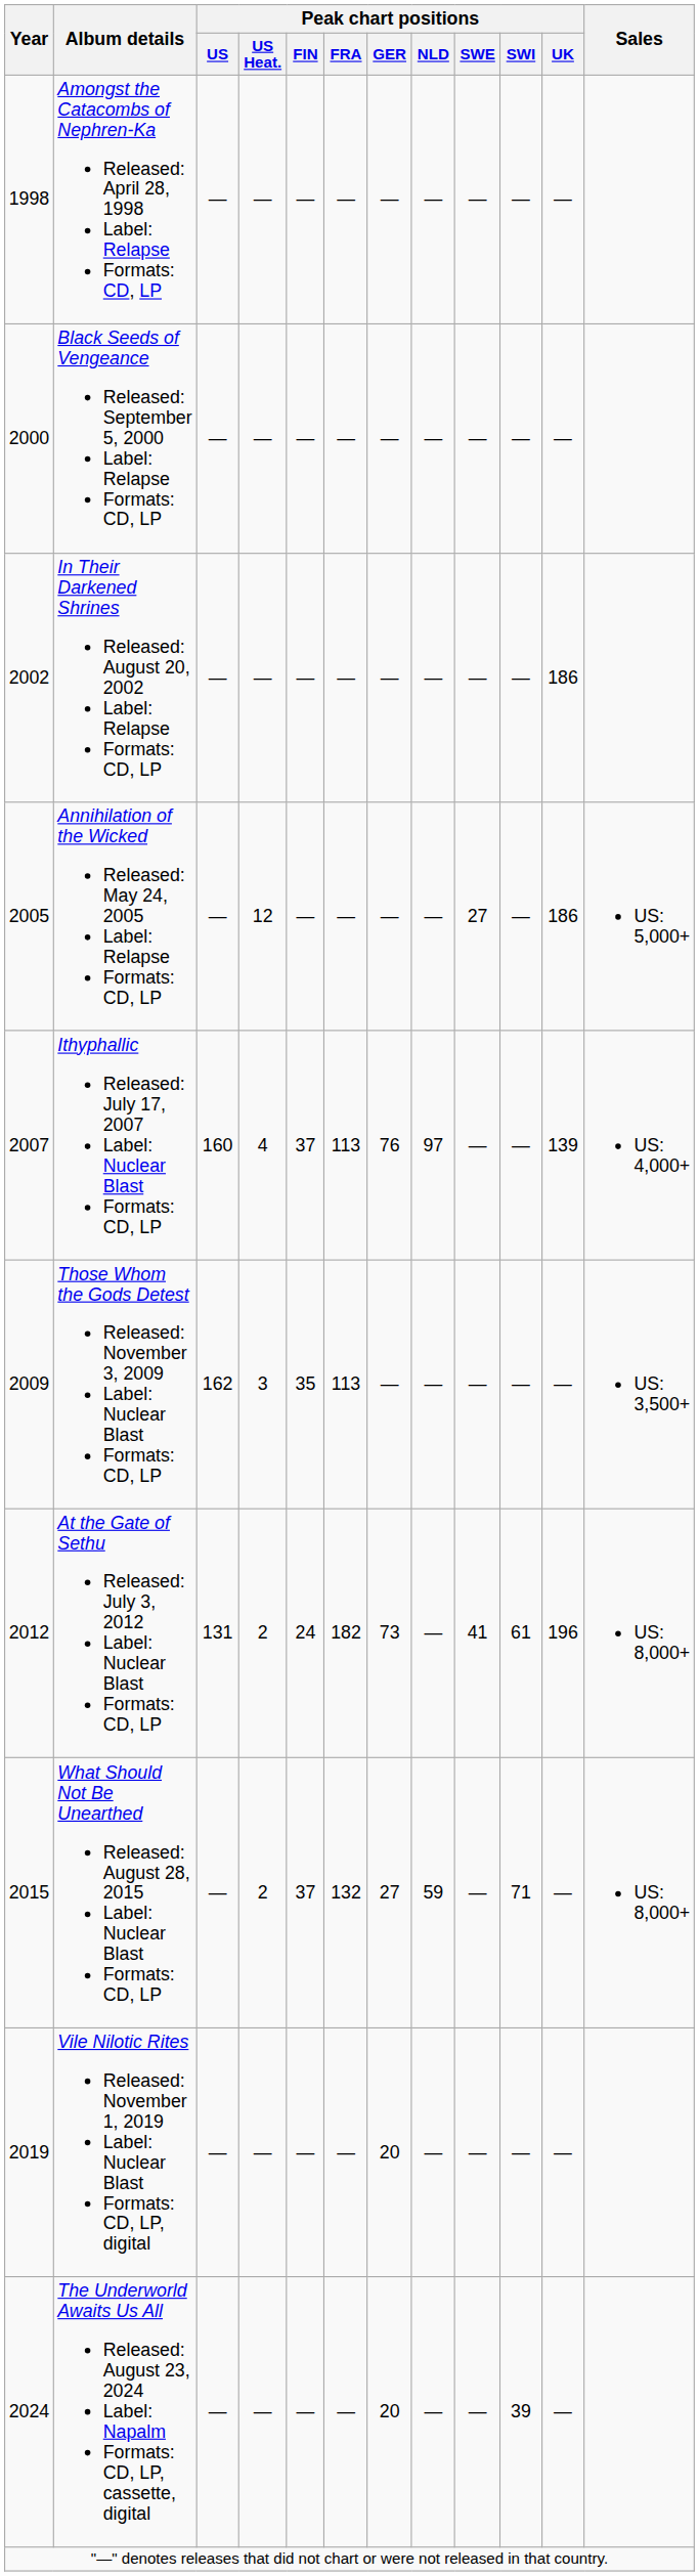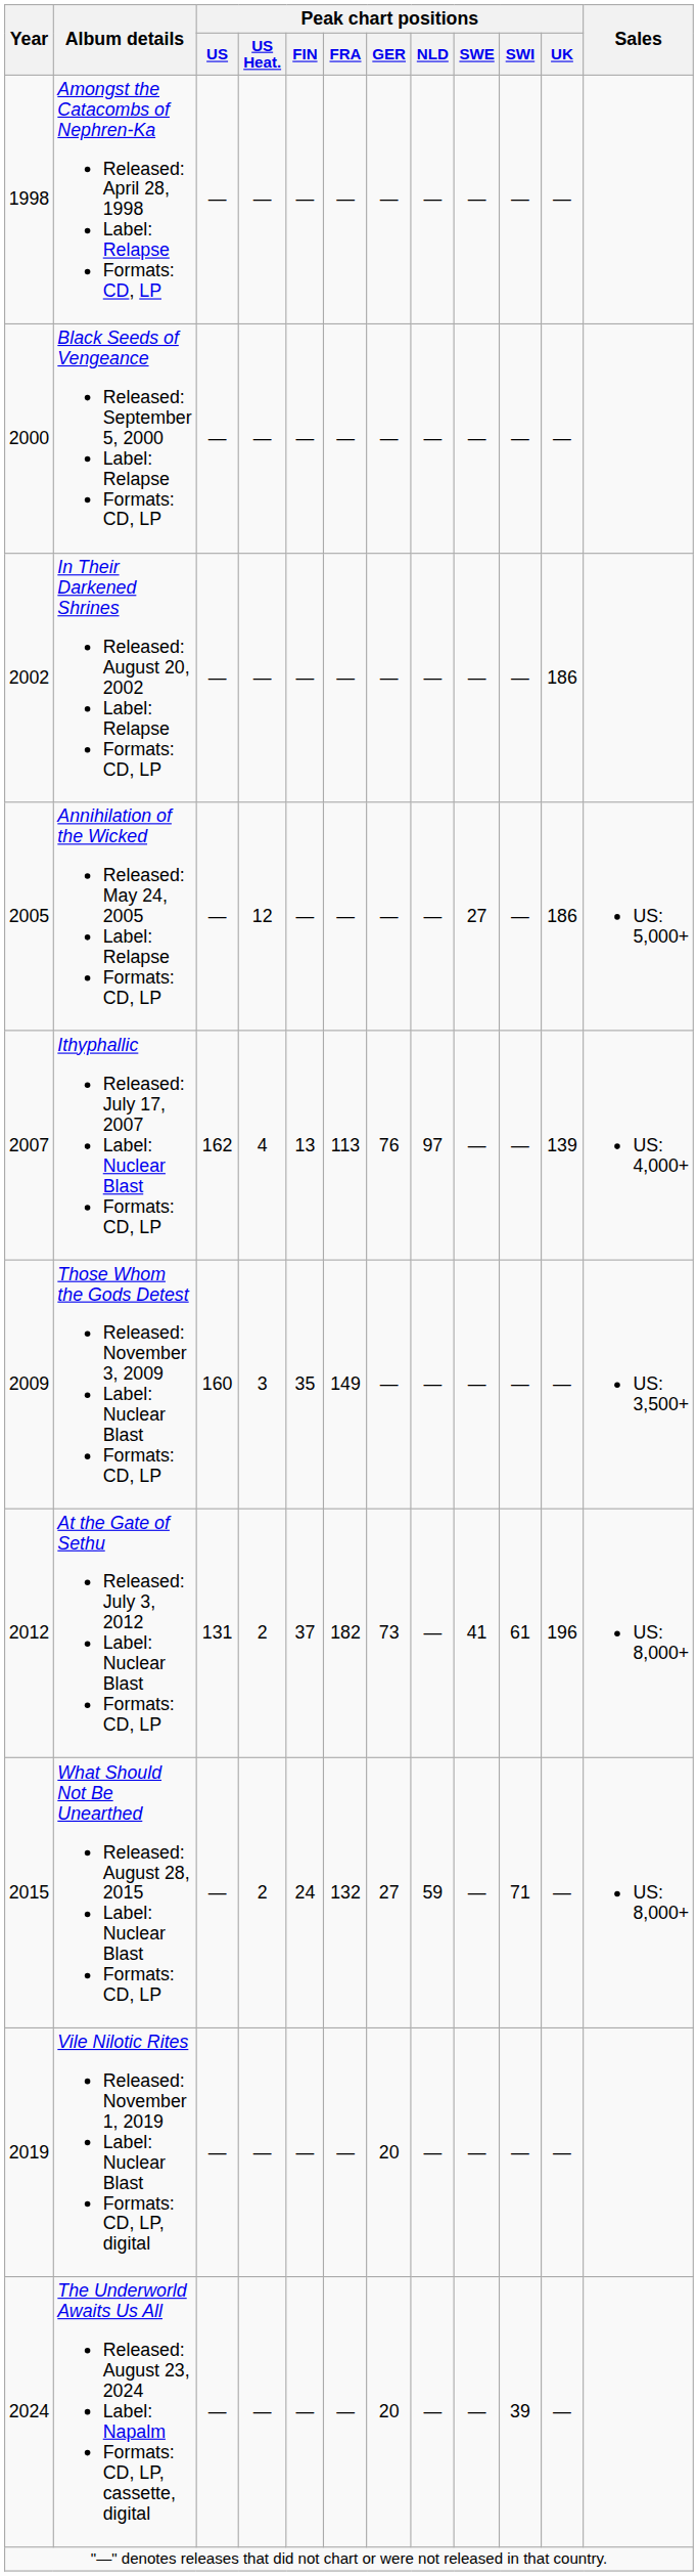 <table class ="wikitable">
 <tr>
 <th scope="col" rowspan="2">Year</th>
 <th scope="col" rowspan="2">Album details</th>
 <th scope="col" colspan="9">Peak chart positions</th>
 <th scope="col" rowspan="2">Sales</th>
 </tr>
 <tr>
 <th scope="col" style="width:3em;font-size:85%"><a href='#'>US</a><br></th>
 <th scope="col" style="width:3em;font-size:85%"><a href='#'>US<br>Heat.</a><br></th>
 <th scope="col" style="width:3em;font-size:85%"><a href='#'>FIN</a><br></th>
 <th scope="col" style="width:3em;font-size:85%"><a href='#'>FRA</a><br></th>
 <th scope="col" style="width:3em;font-size:85%"><a href='#'>GER</a><br></th>
 <th scope="col" style="width:3em;font-size:85%"><a href='#'>NLD</a><br></th>
 <th scope="col" style="width:3em;font-size:85%"><a href='#'>SWE</a><br></th>
 <th scope="col" style="width:3em;font-size:85%"><a href='#'>SWI</a><br></th>
 <th scope="col" style="width:3em;font-size:85%"><a href='#'>UK</a><br></th>
 </tr>
 <tr>
 <td>1998</td>
 <td><em><a href='#'>Amongst the Catacombs of Nephren-Ka</a></em><br><ul><li>Released: April 28, 1998</li><li>Label: <a href='#'>Relapse</a></li><li>Formats: <a href='#'>CD</a>, <a href='#'>LP</a></li></ul></td>
 <td align="center">—</td>
 <td align="center">—</td>
 <td align="center">—</td>
 <td align="center">—</td>
 <td align="center">—</td>
 <td align="center">—</td>
 <td align="center">—</td>
 <td align="center">—</td>
 <td align="center">—</td>
 <td></td>
 </tr>
 <tr>
 <td>2000</td>
 <td><em><a href='#'>Black Seeds of Vengeance</a></em><br><ul><li>Released: September 5, 2000</li><li>Label: Relapse</li><li>Formats: CD, LP</li></ul></td>
 <td align="center">—</td>
 <td align="center">—</td>
 <td align="center">—</td>
 <td align="center">—</td>
 <td align="center">—</td>
 <td align="center">—</td>
 <td align="center">—</td>
 <td align="center">—</td>
 <td align="center">—</td>
 <td></td>
 </tr>
 <tr>
 <td>2002</td>
 <td><em><a href='#'>In Their Darkened Shrines</a></em><br><ul><li>Released: August 20, 2002</li><li>Label: Relapse</li><li>Formats: CD, LP</li></ul></td>
 <td align="center">—</td>
 <td align="center">—</td>
 <td align="center">—</td>
 <td align="center">—</td>
 <td align="center">—</td>
 <td align="center">—</td>
 <td align="center">—</td>
 <td align="center">—</td>
 <td align="center">186</td>
 <td></td>
 </tr>
 <tr>
 <td>2005</td>
 <td><em><a href='#'>Annihilation of the Wicked</a></em><br><ul><li>Released: May 24, 2005</li><li>Label: Relapse</li><li>Formats: CD, LP</li></ul></td>
 <td align="center">—</td>
 <td align="center">12</td>
 <td align="center">—</td>
 <td align="center">—</td>
 <td align="center">—</td>
 <td align="center">—</td>
 <td align="center">27</td>
 <td align="center">—</td>
 <td align="center">186</td>
 <td><br><ul><li>US: 5,000+</li></ul></td>
 </tr>
 <tr>
 <td>2007</td>
 <td><em><a href='#'>Ithyphallic</a></em><br><ul><li>Released: July 17, 2007</li><li>Label: <a href='#'>Nuclear Blast</a></li><li>Formats: CD, LP</li></ul></td>
-<td align="center">160</td>
+<td align="center">162</td>
 <td align="center">4</td>
-<td align="center">37</td>
+<td align="center">13</td>
 <td align="center">113</td>
 <td align="center">76</td>
 <td align="center">97</td>
 <td align="center">—</td>
 <td align="center">—</td>
 <td align="center">139</td>
 <td><br><ul><li>US: 4,000+</li></ul></td>
 </tr>
 <tr>
 <td>2009</td>
 <td><em><a href='#'>Those Whom the Gods Detest</a></em><br><ul><li>Released: November 3, 2009</li><li>Label: Nuclear Blast</li><li>Formats: CD, LP</li></ul></td>
-<td align="center">162</td>
+<td align="center">160</td>
 <td align="center">3</td>
 <td align="center">35</td>
-<td align="center">113</td>
+<td align="center">149</td>
 <td align="center">—</td>
 <td align="center">—</td>
 <td align="center">—</td>
 <td align="center">—</td>
 <td align="center">—</td>
 <td><br><ul><li>US: 3,500+</li></ul></td>
 </tr>
 <tr>
 <td>2012</td>
 <td><em><a href='#'>At the Gate of Sethu</a></em><br><ul><li>Released: July 3, 2012</li><li>Label: Nuclear Blast</li><li>Formats: CD, LP</li></ul></td>
 <td align="center">131</td>
 <td align="center">2</td>
-<td align="center">24</td>
+<td align="center">37</td>
 <td align="center">182</td>
 <td align="center">73</td>
 <td align="center">—</td>
 <td align="center">41</td>
 <td align="center">61</td>
 <td align="center">196</td>
 <td><br><ul><li>US: 8,000+</li></ul></td>
 </tr>
 <tr>
 <td>2015</td>
 <td><em><a href='#'>What Should Not Be Unearthed</a></em><br><ul><li>Released: August 28, 2015</li><li>Label: Nuclear Blast</li><li>Formats: CD, LP</li></ul></td>
 <td align="center">—</td>
 <td align="center">2</td>
-<td align="center">37</td>
+<td align="center">24</td>
 <td align="center">132</td>
 <td align="center">27</td>
 <td align="center">59</td>
 <td align="center">—</td>
 <td align="center">71</td>
 <td align="center">—</td>
 <td><br><ul><li>US: 8,000+</li></ul></td>
 </tr>
 <tr>
 <td>2019</td>
 <td><em><a href='#'>Vile Nilotic Rites</a></em><br><ul><li>Released: November 1, 2019</li><li>Label: Nuclear Blast</li><li>Formats: CD, LP, digital</li></ul></td>
 <td align="center">—</td>
 <td align="center">—</td>
 <td align="center">—</td>
 <td align="center">—</td>
 <td align="center">20</td>
 <td align="center">—</td>
 <td align="center">—</td>
 <td align="center">—</td>
 <td align="center">—</td>
 <td></td>
 </tr>
 <tr>
 <td>2024</td>
 <td><em><a href='#'>The Underworld Awaits Us All</a></em><br><ul><li>Released: August 23, 2024</li><li>Label: <a href='#'>Napalm</a></li><li>Formats: CD, LP, cassette, digital</li></ul></td>
 <td align="center">—</td>
 <td align="center">—</td>
 <td align="center">—</td>
 <td align="center">—</td>
 <td align="center">20</td>
 <td align="center">—</td>
 <td align="center">—</td>
 <td align="center">39</td>
 <td align="center">—</td>
 </tr>
 <tr>
 <td align="center" colspan="15" style="font-size: 85%">"—" denotes releases that did not chart or were not released in that country.</td>
 </tr>
 </table>
